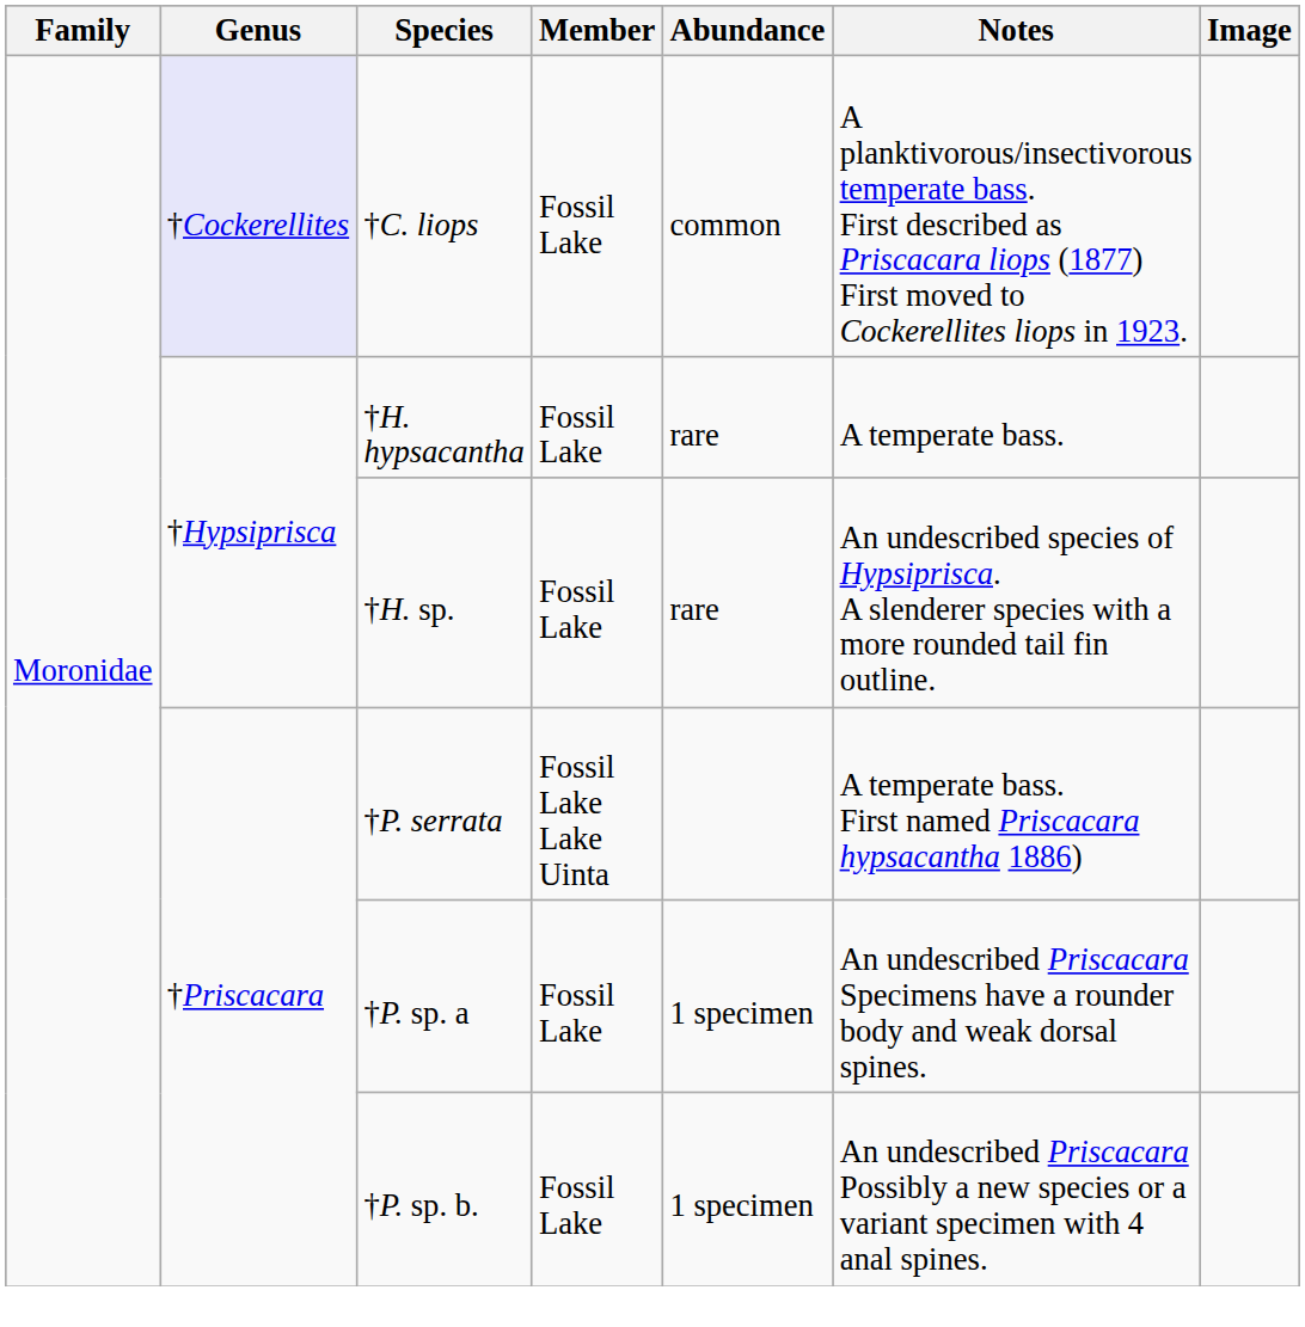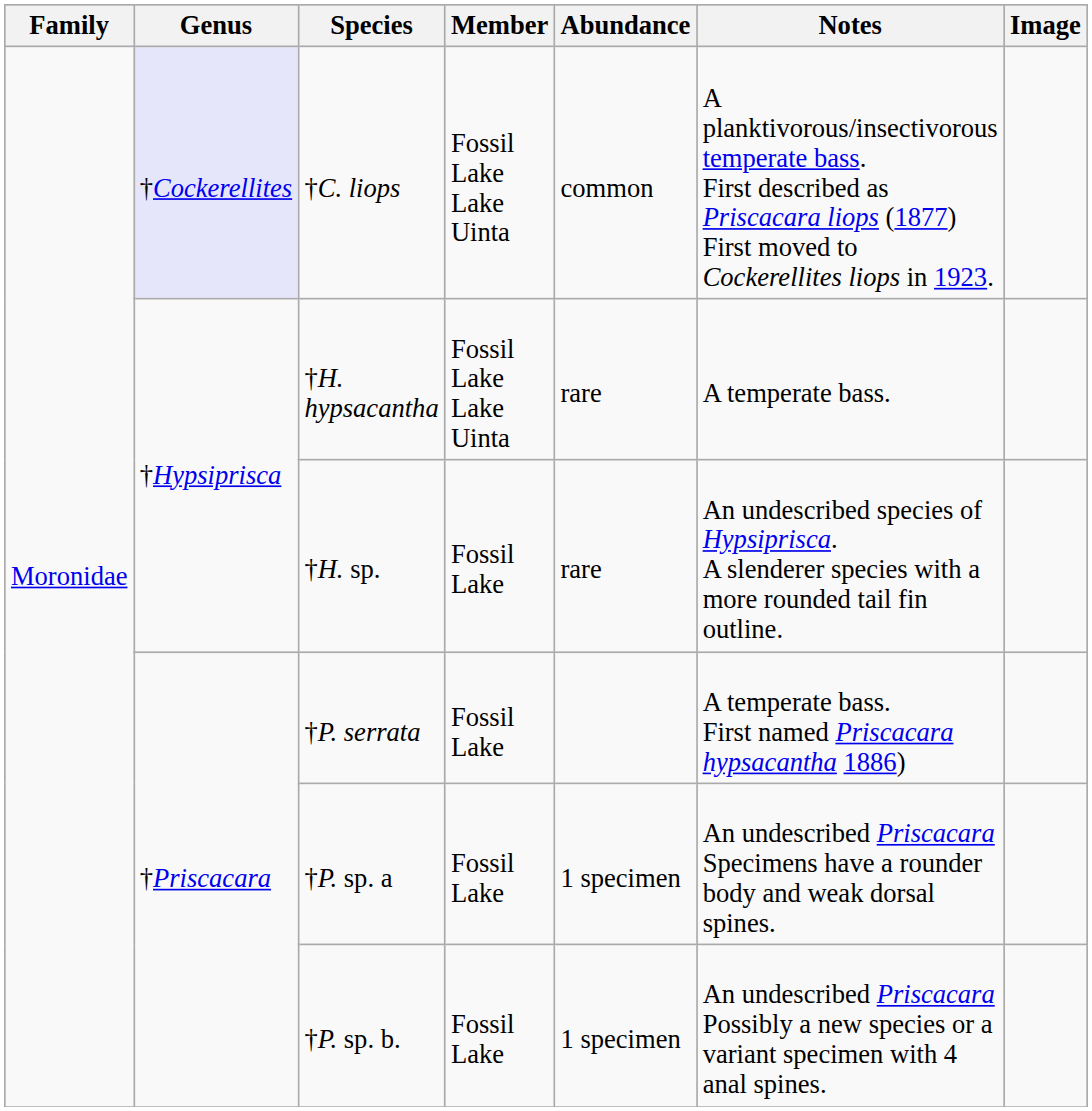 <table class="wikitable" style="margin:auto;width:100%;">
 <tr>
 <th>Family</th>
 <th>Genus</th>
 <th>Species</th>
 <th>Member</th>
 <th>Abundance</th>
 <th>Notes</th>
 <th>Image</th>
 </tr>
 <tr>
 <td rowspan=6><a href='#'>Moronidae</a></td>
 <td style="background: lavender;"><br>†<em><a href='#'>Cockerellites</a></em></td>
 <td><br>†<em>C. liops</em> </td>
-<td><br>Fossil Lake</td>
+<td><br>Fossil Lake<br> Lake Uinta</td>
 <td><br>common</td>
 <td><br>A planktivorous/insectivorous <a href='#'>temperate bass</a>.<br>First described as <em><a href='#'>Priscacara liops</a></em> (<a href='#'>1877</a>)<br>First moved to <em>Cockerellites liops</em> in <a href='#'>1923</a>.</td>
 <td><br></td>
 </tr>
 <tr>
 <td rowspan=2>†<em><a href='#'>Hypsiprisca</a></em></td>
 <td><br>†<em>H. hypsacantha</em> </td>
-<td><br>Fossil Lake</td>
+<td><br>Fossil Lake<br> Lake Uinta</td>
 <td><br>rare</td>
 <td><br>A temperate bass.</td>
 <td><br></td>
 </tr>
 <tr>
 <td><br>†<em>H.</em> sp.</td>
 <td><br>Fossil Lake</td>
 <td><br>rare</td>
 <td><br>An undescribed species of <em><a href='#'>Hypsiprisca</a></em>.<br> A slenderer species with a more rounded tail fin outline.</td>
 <td><br></td>
 </tr>
 <tr>
 <td rowspan=3>†<em><a href='#'>Priscacara</a></em></td>
 <td><br>†<em>P. serrata</em> </td>
-<td><br>Fossil Lake<br> Lake Uinta</td>
+<td><br>Fossil Lake</td>
 <td></td>
 <td><br>A temperate bass.<br>First named <em><a href='#'>Priscacara hypsacantha</a></em> <a href='#'>1886</a>)</td>
 <td><br></td>
 </tr>
 <tr>
 <td><br>†<em>P.</em> sp. a</td>
 <td><br>Fossil Lake</td>
 <td><br>1 specimen</td>
 <td><br>An undescribed <em><a href='#'>Priscacara</a></em><br> Specimens have a rounder body and weak dorsal spines.</td>
 <td></td>
 </tr>
 <tr>
 <td><br>†<em>P.</em> sp. b.</td>
 <td><br>Fossil Lake</td>
 <td><br>1 specimen</td>
 <td><br>An undescribed <em><a href='#'>Priscacara</a></em><br> Possibly a new species or a variant specimen with 4 anal spines.</td>
 <td></td>
 </tr>
 </table>
